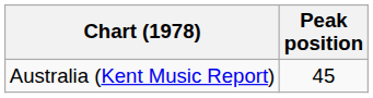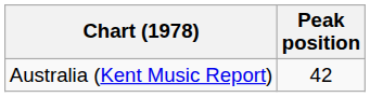 <table class="wikitable">
 <tr>
 <th scope="col">Chart (1978)</th>
 <th>Peak<br>position</th>
 </tr>
 <tr>
 <td>Australia (<a href='#'>Kent Music Report</a>)</td>
-<td style="text-align:center;">45</td>
+<td style="text-align:center;">42</td>
 </tr>
 </table>
